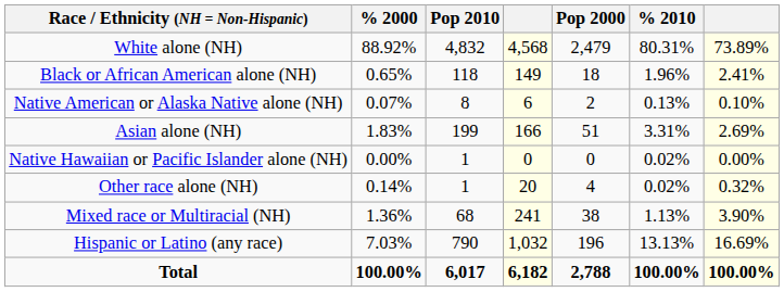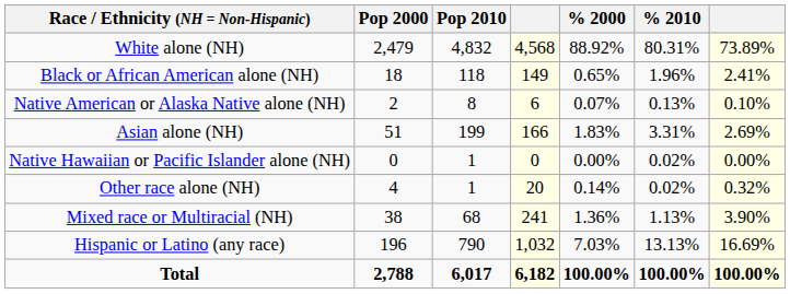 <table class="wikitable"  style="text-align:center;">
 <tr>
 <th>Race / Ethnicity <small>(<em>NH = Non-Hispanic</em>)</small></th>
-<th>% 2000</th>
+<th>Pop 2000</th>
 <th>Pop 2010</th>
 <th></th>
-<th>Pop 2000</th>
+<th>% 2000</th>
 <th>% 2010</th>
 <th></th>
 </tr>
 <tr>
 <td><a href='#'>White</a> alone (NH)</td>
-<td>88.92%</td>
+<td>2,479</td>
 <td>4,832</td>
 <td style='background: #ffffe6;'>4,568</td>
-<td>2,479</td>
+<td>88.92%</td>
 <td>80.31%</td>
 <td style='background: #ffffe6;'>73.89%</td>
 </tr>
 <tr>
 <td><a href='#'>Black or African American</a> alone (NH)</td>
-<td>0.65%</td>
+<td>18</td>
 <td>118</td>
 <td style='background: #ffffe6;'>149</td>
-<td>18</td>
+<td>0.65%</td>
 <td>1.96%</td>
 <td style='background: #ffffe6;'>2.41%</td>
 </tr>
 <tr>
 <td><a href='#'>Native American</a> or <a href='#'>Alaska Native</a> alone (NH)</td>
-<td>0.07%</td>
+<td>2</td>
 <td>8</td>
 <td style='background: #ffffe6;'>6</td>
-<td>2</td>
+<td>0.07%</td>
 <td>0.13%</td>
 <td style='background: #ffffe6;'>0.10%</td>
 </tr>
 <tr>
 <td><a href='#'>Asian</a> alone (NH)</td>
-<td>1.83%</td>
+<td>51</td>
 <td>199</td>
 <td style='background: #ffffe6;'>166</td>
-<td>51</td>
+<td>1.83%</td>
 <td>3.31%</td>
 <td style='background: #ffffe6;'>2.69%</td>
 </tr>
 <tr>
 <td><a href='#'>Native Hawaiian</a> or <a href='#'>Pacific Islander</a> alone (NH)</td>
-<td>0.00%</td>
+<td>0</td>
 <td>1</td>
 <td style='background: #ffffe6;'>0</td>
-<td>0</td>
+<td>0.00%</td>
 <td>0.02%</td>
 <td style='background: #ffffe6;'>0.00%</td>
 </tr>
 <tr>
 <td><a href='#'>Other race</a> alone (NH)</td>
-<td>0.14%</td>
+<td>4</td>
 <td>1</td>
 <td style='background: #ffffe6;'>20</td>
-<td>4</td>
+<td>0.14%</td>
 <td>0.02%</td>
 <td style='background: #ffffe6;'>0.32%</td>
 </tr>
 <tr>
 <td><a href='#'>Mixed race or Multiracial</a> (NH)</td>
-<td>1.36%</td>
+<td>38</td>
 <td>68</td>
 <td style='background: #ffffe6;'>241</td>
-<td>38</td>
+<td>1.36%</td>
 <td>1.13%</td>
 <td style='background: #ffffe6;'>3.90%</td>
 </tr>
 <tr>
 <td><a href='#'>Hispanic or Latino</a> (any race)</td>
-<td>7.03%</td>
+<td>196</td>
 <td>790</td>
 <td style='background: #ffffe6;'>1,032</td>
-<td>196</td>
+<td>7.03%</td>
 <td>13.13%</td>
 <td style='background: #ffffe6;'>16.69%</td>
 </tr>
 <tr>
 <td><strong>Total</strong></td>
-<td><strong>100.00%</strong></td>
+<td><strong>2,788</strong></td>
 <td><strong>6,017</strong></td>
 <td style='background: #ffffe6;'><strong>6,182</strong></td>
-<td><strong>2,788</strong></td>
+<td><strong>100.00%</strong></td>
 <td><strong>100.00%</strong></td>
 <td style='background: #ffffe6;'><strong>100.00%</strong></td>
 </tr>
 </table>
